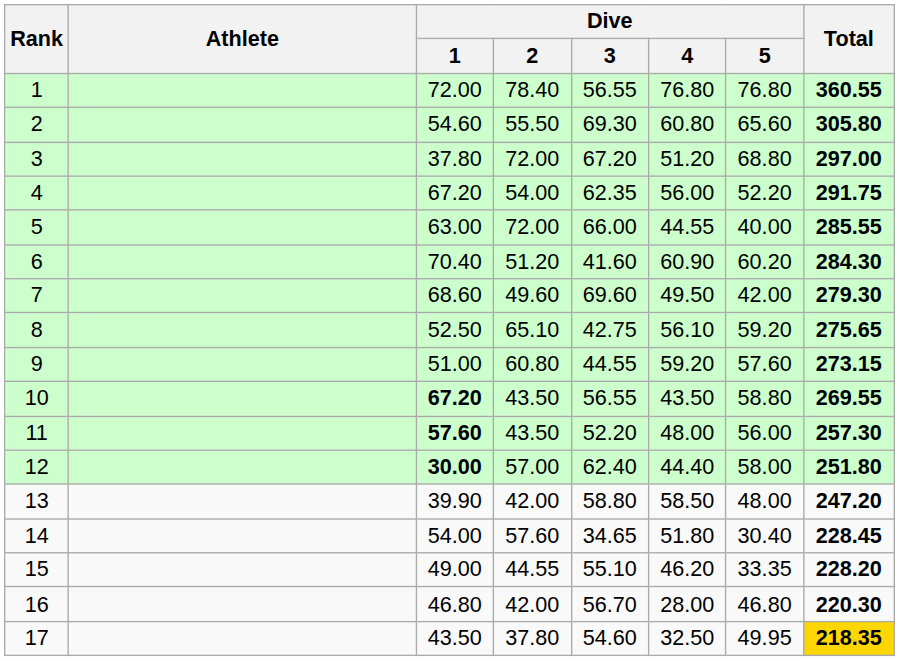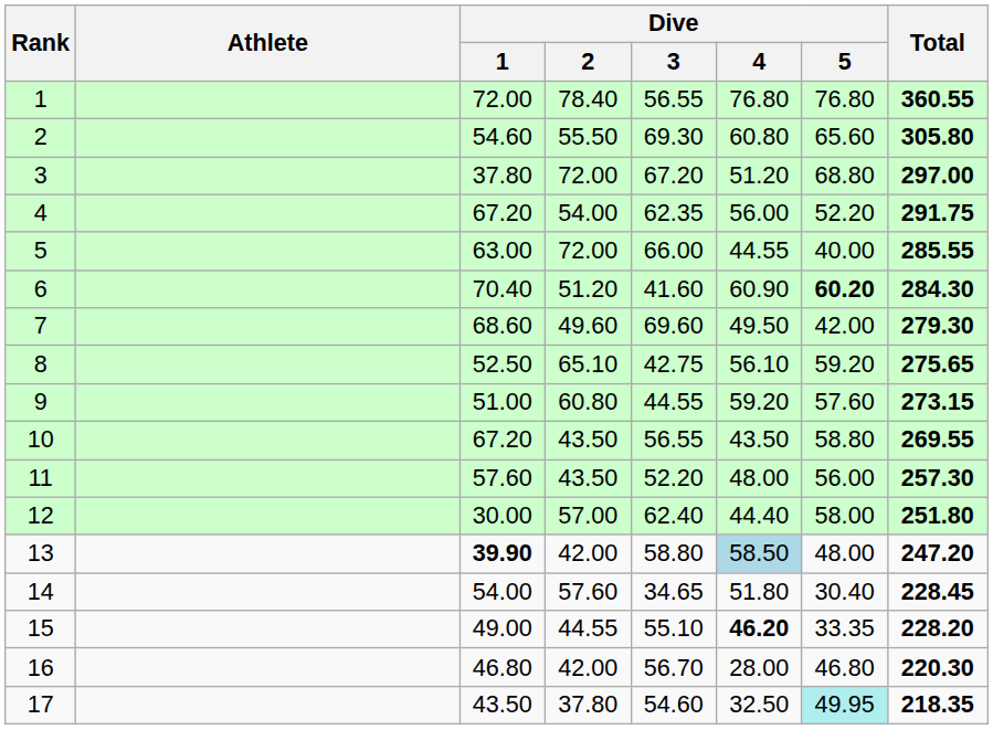 <table class="wikitable" style="text-align:center">
 <tr>
 <th rowspan="2" width="40">Rank</th>
 <th rowspan="2" width="250">Athlete</th>
 <th colspan="5">Dive</th>
 <th rowspan="2" width="60">Total</th>
 </tr>
 <tr>
 <th width="50">1</th>
 <th width="50">2</th>
 <th width="50">3</th>
 <th width="50">4</th>
 <th width="50">5</th>
 </tr>
 <tr bgcolor="ccffcc">
 <td>1</td>
 <td align="left"></td>
 <td>72.00</td>
 <td>78.40</td>
 <td>56.55</td>
 <td>76.80</td>
 <td>76.80</td>
 <td><strong>360.55</strong></td>
 </tr>
 <tr bgcolor="ccffcc">
 <td>2</td>
 <td align="left"></td>
 <td>54.60</td>
 <td>55.50</td>
 <td>69.30</td>
 <td>60.80</td>
 <td>65.60</td>
 <td><strong>305.80</strong></td>
 </tr>
 <tr bgcolor="ccffcc">
 <td>3</td>
 <td align="left"></td>
 <td>37.80</td>
 <td>72.00</td>
 <td>67.20</td>
 <td>51.20</td>
 <td>68.80</td>
 <td><strong>297.00</strong></td>
 </tr>
 <tr bgcolor="ccffcc">
 <td>4</td>
 <td align="left"></td>
 <td>67.20</td>
 <td>54.00</td>
 <td>62.35</td>
 <td>56.00</td>
 <td>52.20</td>
 <td><strong>291.75</strong></td>
 </tr>
 <tr bgcolor="ccffcc">
 <td>5</td>
 <td align="left"></td>
 <td>63.00</td>
 <td>72.00</td>
 <td>66.00</td>
 <td>44.55</td>
 <td>40.00</td>
 <td><strong>285.55</strong></td>
 </tr>
 <tr bgcolor="ccffcc">
 <td>6</td>
 <td align="left"></td>
 <td>70.40</td>
 <td>51.20</td>
 <td>41.60</td>
 <td>60.90</td>
-<td>60.20</td>
+<td><strong>60.20</strong></td>
 <td><strong>284.30</strong></td>
 </tr>
 <tr bgcolor="ccffcc">
 <td>7</td>
 <td align="left"></td>
 <td>68.60</td>
 <td>49.60</td>
 <td>69.60</td>
 <td>49.50</td>
 <td>42.00</td>
 <td><strong>279.30</strong></td>
 </tr>
 <tr bgcolor="ccffcc">
 <td>8</td>
 <td align="left"></td>
 <td>52.50</td>
 <td>65.10</td>
 <td>42.75</td>
 <td>56.10</td>
 <td>59.20</td>
 <td><strong>275.65</strong></td>
 </tr>
 <tr bgcolor="ccffcc">
 <td>9</td>
 <td align="left"></td>
 <td>51.00</td>
 <td>60.80</td>
 <td>44.55</td>
 <td>59.20</td>
 <td>57.60</td>
 <td><strong>273.15</strong></td>
 </tr>
 <tr bgcolor="ccffcc">
 <td>10</td>
 <td align="left"></td>
-<td><strong>67.20</strong></td>
+<td>67.20</td>
 <td>43.50</td>
 <td>56.55</td>
 <td>43.50</td>
 <td>58.80</td>
 <td><strong>269.55</strong></td>
 </tr>
 <tr bgcolor="ccffcc">
 <td>11</td>
 <td align="left"></td>
-<td><strong>57.60</strong></td>
+<td>57.60</td>
 <td>43.50</td>
 <td>52.20</td>
 <td>48.00</td>
 <td>56.00</td>
 <td><strong>257.30</strong></td>
 </tr>
 <tr bgcolor="ccffcc">
 <td>12</td>
 <td align="left"></td>
-<td><strong>30.00</strong></td>
+<td>30.00</td>
 <td>57.00</td>
 <td>62.40</td>
 <td>44.40</td>
 <td>58.00</td>
 <td><strong>251.80</strong></td>
 </tr>
 <tr>
 <td>13</td>
 <td align="left"></td>
-<td>39.90</td>
+<td><strong>39.90</strong></td>
 <td>42.00</td>
 <td>58.80</td>
-<td>58.50</td>
+<td style="background: lightblue;">58.50</td>
 <td>48.00</td>
 <td><strong>247.20</strong></td>
 </tr>
 <tr>
 <td>14</td>
 <td align="left"></td>
 <td>54.00</td>
 <td>57.60</td>
 <td>34.65</td>
 <td>51.80</td>
 <td>30.40</td>
 <td><strong>228.45</strong></td>
 </tr>
 <tr>
 <td>15</td>
 <td align="left"></td>
 <td>49.00</td>
 <td>44.55</td>
 <td>55.10</td>
-<td>46.20</td>
+<td><strong>46.20</strong></td>
 <td>33.35</td>
 <td><strong>228.20</strong></td>
 </tr>
 <tr>
 <td>16</td>
 <td align="left"></td>
 <td>46.80</td>
 <td>42.00</td>
 <td>56.70</td>
 <td>28.00</td>
 <td>46.80</td>
 <td><strong>220.30</strong></td>
 </tr>
 <tr>
 <td>17</td>
 <td align="left"></td>
 <td>43.50</td>
 <td>37.80</td>
 <td>54.60</td>
 <td>32.50</td>
-<td>49.95</td>
-<td style="background: gold;"><strong>218.35</strong></td>
+<td style="background: paleturquoise;">49.95</td>
+<td><strong>218.35</strong></td>
 </tr>
 </table>
